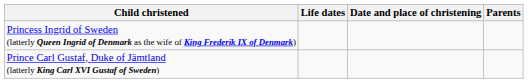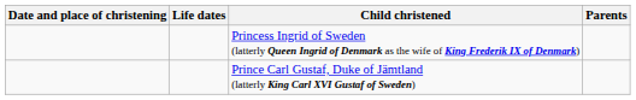 <table class="wikitable">
 <tr>
+<th>Date and place of christening</th>
+<th>Life dates</th>
 <th>Child christened</th>
-<th>Life dates</th>
-<th>Date and place of christening</th>
 <th>Parents</th>
 </tr>
 <tr>
-<td><a href='#'>Princess Ingrid of Sweden</a><br><small>(latterly <strong><em>Queen Ingrid of Denmark</em></strong> as the wife of <strong><em><a href='#'>King Frederik IX of Denmark</a></em></strong>)</small></td>
 <td></td>
 <td></td>
+<td><a href='#'>Princess Ingrid of Sweden</a><br><small>(latterly <strong><em>Queen Ingrid of Denmark</em></strong> as the wife of <strong><em><a href='#'>King Frederik IX of Denmark</a></em></strong>)</small></td>
 <td></td>
 </tr>
 <tr>
-<td><a href='#'>Prince Carl Gustaf, Duke of Jämtland</a><br><small>(latterly <strong><em>King Carl XVI Gustaf of Sweden</em></strong>)</small></td>
 <td></td>
 <td></td>
+<td><a href='#'>Prince Carl Gustaf, Duke of Jämtland</a><br><small>(latterly <strong><em>King Carl XVI Gustaf of Sweden</em></strong>)</small></td>
 <td></td>
 </tr>
 </table>
